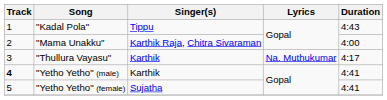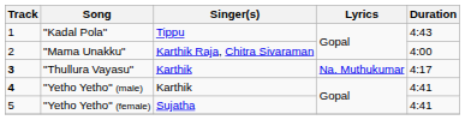 <table class="wikitable" style="font-size:95%;">
 <tr>
 <th>Track</th>
 <th>Song</th>
 <th>Singer(s)</th>
 <th>Lyrics</th>
 <th>Duration</th>
 </tr>
 <tr>
 <td>1</td>
 <td>"Kadal Pola"</td>
 <td><a href='#'>Tippu</a></td>
 <td rowspan=2>Gopal</td>
 <td>4:43</td>
 </tr>
 <tr>
 <td>2</td>
 <td>"Mama Unakku"</td>
 <td><a href='#'>Karthik Raja</a>, <a href='#'>Chitra Sivaraman</a></td>
 <td>4:00</td>
 </tr>
 <tr>
-<td>3</td>
+<td><strong>3</strong></td>
 <td>"Thullura Vayasu"</td>
 <td><a href='#'>Karthik</a></td>
 <td><a href='#'>Na. Muthukumar</a></td>
 <td>4:17</td>
 </tr>
 <tr>
 <td><strong>4</strong></td>
 <td>"Yetho Yetho" <small>(male)</small></td>
 <td>Karthik</td>
 <td rowspan=2>Gopal</td>
 <td>4:41</td>
 </tr>
 <tr>
 <td>5</td>
 <td>"Yetho Yetho" <small>(female)</small></td>
 <td><a href='#'>Sujatha</a></td>
 <td>4:41</td>
 </tr>
 <tr>
 </tr>
 </table>
